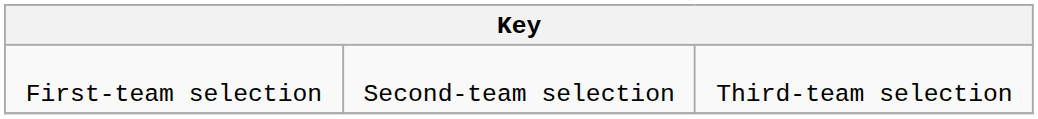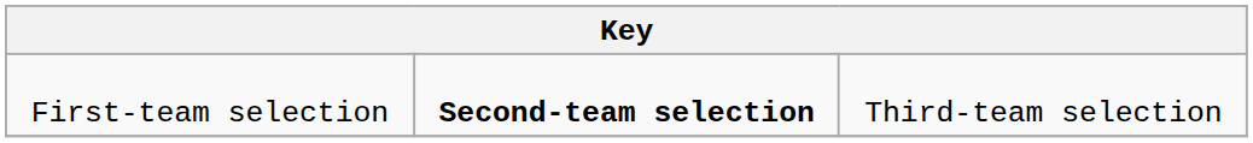 <table class="wikitable">
 <tr>
 <th colspan=3>Key</th>
 </tr>
 <tr>
 <td><br>  First-team selection <br></td>
-<td><br>  Second-team selection <br></td>
+<td><strong><br>  Second-team selection <br></strong></td>
 <td><br>  Third-team selection <br></td>
 </tr>
 <tr>
 </tr>
 </table>
